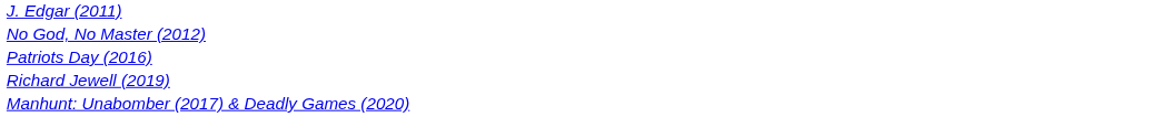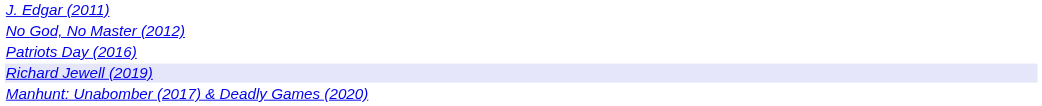 <table style="width: 55%; border: none; text-align: left;">
 <tr>
 <td><em><a href='#'>J. Edgar (2011)</a></em></td>
 </tr>
 <tr>
 <td><em><a href='#'>No God, No Master (2012)</a></em></td>
 </tr>
 <tr>
 <td><em><a href='#'>Patriots Day (2016)</a></em></td>
 </tr>
 <tr>
-<td><em><a href='#'>Richard Jewell (2019)</a></em></td>
+<td style="background: lavender;"><em><a href='#'>Richard Jewell (2019)</a></em></td>
 </tr>
 <tr>
 <td><em><a href='#'>Manhunt: Unabomber (2017) & Deadly Games (2020)</a></em></td>
 </tr>
 </table>
